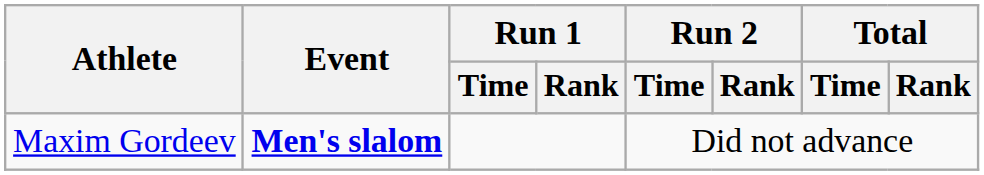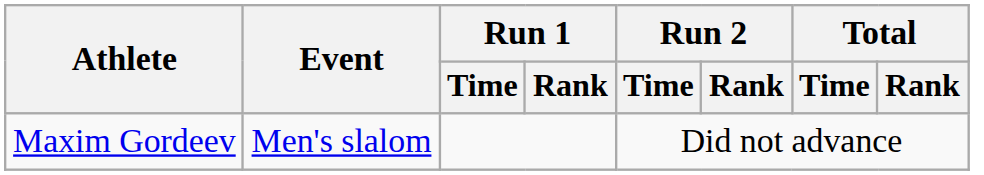 <table class="wikitable" style="font-size:90%">
 <tr>
 <th rowspan=2>Athlete</th>
 <th rowspan=2>Event</th>
 <th colspan=2>Run 1</th>
 <th colspan=2>Run 2</th>
 <th colspan=2>Total</th>
 </tr>
 <tr style="font-size:95%">
 <th>Time</th>
 <th>Rank</th>
 <th>Time</th>
 <th>Rank</th>
 <th>Time</th>
 <th>Rank</th>
 </tr>
 <tr align=center>
 <td align=left><a href='#'>Maxim Gordeev</a></td>
-<td align=left><strong><a href='#'>Men's slalom</a></strong></td>
+<td align=left><a href='#'>Men's slalom</a></td>
 <td colspan=2></td>
 <td colspan=4>Did not advance</td>
 </tr>
 </table>
